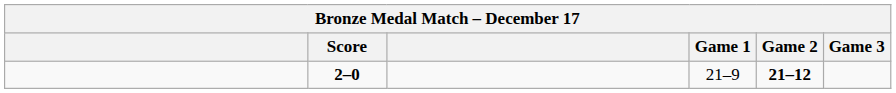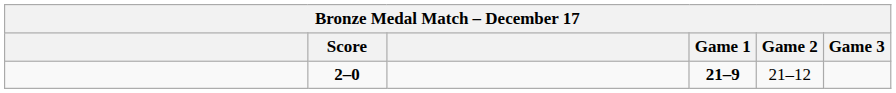 <table class="wikitable" style="text-align: center; font-size:90% ">
 <tr>
 <th colspan=6>Bronze Medal Match – December 17</th>
 </tr>
 <tr>
 <th align="right" width="250"></th>
 <th width="60">Score</th>
 <th align="left" width="250"></th>
 <th width="50">Game 1</th>
 <th width="50">Game 2</th>
 <th width="50">Game 3</th>
 </tr>
 <tr>
 <td align=left><strong> <br></strong></td>
 <td align=center><strong>2–0</strong></td>
 <td align=left><br></td>
-<td>21–9</td>
-<td><strong>21–12</strong></td>
+<td><strong>21–9</strong></td>
+<td>21–12</td>
 <td></td>
 </tr>
 </table>
